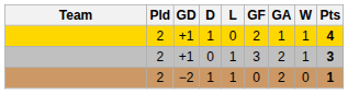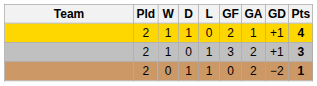 <table class="wikitable" style="text-align:center">
 <tr>
 <th width=165>Team</th>
 <th width=20>Pld</th>
-<th width=20>GD</th>
+<th width=20>W</th>
 <th width=20>D</th>
 <th width=20>L</th>
 <th width=20>GF</th>
 <th width=20>GA</th>
-<th width=20>W</th>
+<th width=20>GD</th>
 <th width=20>Pts</th>
 </tr>
 <tr bgcolor=gold>
 <td align="left"></td>
 <td>2</td>
-<td>+1</td>
+<td>1</td>
 <td>1</td>
 <td>0</td>
 <td>2</td>
 <td>1</td>
-<td>1</td>
+<td>+1</td>
 <td><strong>4</strong></td>
 </tr>
 <tr bgcolor=silver>
 <td align="left"></td>
 <td>2</td>
-<td>+1</td>
+<td>1</td>
 <td>0</td>
 <td>1</td>
 <td>3</td>
 <td>2</td>
-<td>1</td>
+<td>+1</td>
 <td><strong>3</strong></td>
 </tr>
 <tr bgcolor=#cc9966>
 <td align="left"></td>
 <td>2</td>
-<td>−2</td>
+<td>0</td>
 <td>1</td>
 <td>1</td>
 <td>0</td>
 <td>2</td>
-<td>0</td>
+<td>−2</td>
 <td><strong>1</strong></td>
 </tr>
 </table>
